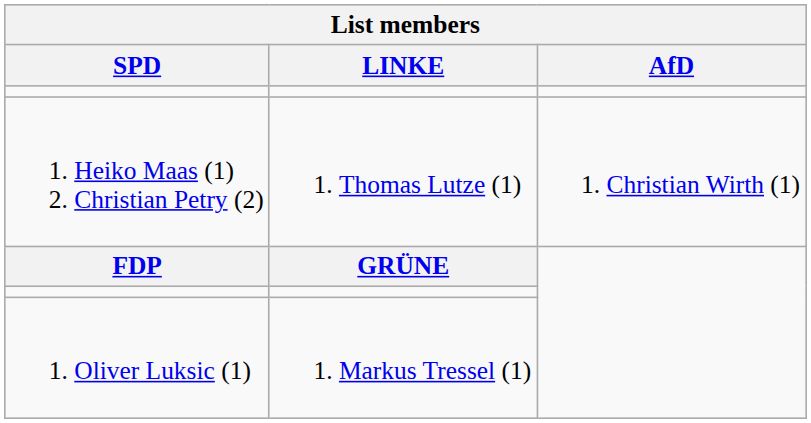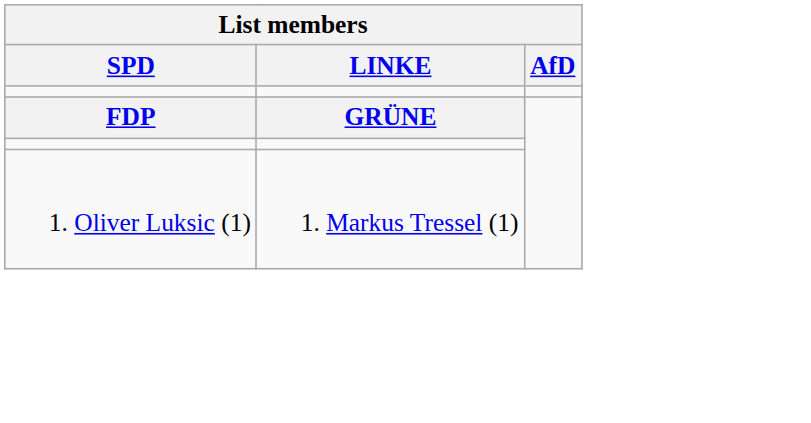 <table class=wikitable>
 <tr>
 <th colspan=3>List members</th>
 </tr>
 <tr>
 <th><a href='#'>SPD</a></th>
 <th><a href='#'>LINKE</a></th>
 <th><a href='#'>AfD</a></th>
 </tr>
 <tr>
 <td bgcolor=></td>
 <td bgcolor=></td>
 <td bgcolor=></td>
 </tr>
 <tr>
-<td><br><ol><li><a href='#'>Heiko Maas</a> (1)</li><li><a href='#'>Christian Petry</a> (2)</li></ol></td>
-<td><br><ol><li><a href='#'>Thomas Lutze</a> (1)</li></ol></td>
-<td><br><ol><li><a href='#'>Christian Wirth</a> (1)</li></ol></td>
-</tr>
-<tr>
 <th><a href='#'>FDP</a></th>
 <th><a href='#'>GRÜNE</a></th>
 </tr>
 <tr>
 <td bgcolor=></td>
 <td bgcolor=></td>
 </tr>
 <tr>
 <td><br><ol><li><a href='#'>Oliver Luksic</a> (1)</li></ol></td>
 <td><br><ol><li><a href='#'>Markus Tressel</a> (1)</li></ol></td>
 </tr>
 </table>
